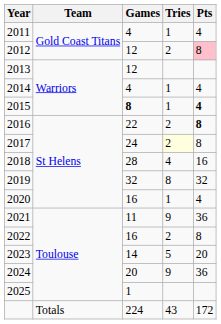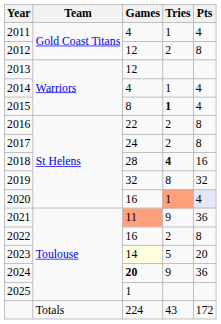 <table class="wikitable">
 <tr>
 <th>Year</th>
 <th>Team</th>
 <th>Games</th>
 <th>Tries</th>
 <th>Pts</th>
 </tr>
 <tr>
 <td>2011</td>
 <td rowspan="2"> <a href='#'>Gold Coast Titans</a></td>
 <td>4</td>
 <td>1</td>
 <td>4</td>
 </tr>
 <tr>
 <td>2012</td>
 <td>12</td>
 <td>2</td>
-<td style="background: pink;">8</td>
+<td>8</td>
 </tr>
 <tr>
 <td>2013</td>
 <td rowspan="3"> <a href='#'>Warriors</a></td>
 <td>12</td>
 <td></td>
 <td></td>
 </tr>
 <tr>
 <td>2014</td>
 <td>4</td>
 <td>1</td>
 <td>4</td>
 </tr>
 <tr>
 <td>2015</td>
-<td><strong>8</strong></td>
-<td>1</td>
-<td><strong>4</strong></td>
+<td>8</td>
+<td><strong>1</strong></td>
+<td>4</td>
 </tr>
 <tr>
 <td>2016</td>
 <td rowspan="5"> <a href='#'>St Helens</a></td>
 <td>22</td>
 <td>2</td>
-<td><strong>8</strong></td>
+<td>8</td>
 </tr>
 <tr>
 <td>2017</td>
 <td>24</td>
-<td style="background: lightyellow;">2</td>
+<td>2</td>
 <td>8</td>
 </tr>
 <tr>
 <td>2018</td>
 <td>28</td>
-<td>4</td>
+<td><strong>4</strong></td>
 <td>16</td>
 </tr>
 <tr>
 <td>2019</td>
 <td>32</td>
 <td>8</td>
 <td>32</td>
 </tr>
 <tr>
 <td>2020</td>
 <td>16</td>
-<td>1</td>
-<td>4</td>
+<td style="background: lightsalmon;">1</td>
+<td style="background: lavender;">4</td>
 </tr>
 <tr>
 <td>2021</td>
 <td rowspan="5"> <a href='#'>Toulouse</a></td>
-<td>11</td>
+<td style="background: lightsalmon;">11</td>
 <td>9</td>
 <td>36</td>
 </tr>
 <tr>
 <td>2022</td>
 <td>16</td>
 <td>2</td>
 <td>8</td>
 </tr>
 <tr>
 <td>2023</td>
-<td>14</td>
+<td style="background: lightyellow;">14</td>
 <td>5</td>
 <td>20</td>
 </tr>
 <tr>
 <td>2024</td>
-<td>20</td>
+<td><strong>20</strong></td>
 <td>9</td>
 <td>36</td>
 </tr>
 <tr>
 <td>2025</td>
 <td>1</td>
 <td></td>
 <td></td>
 </tr>
 <tr>
 <td></td>
 <td>Totals</td>
 <td>224</td>
 <td>43</td>
 <td>172</td>
 </tr>
 </table>
